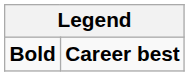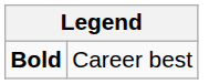 <table class="wikitable">
 <tr>
 <th colspan="2">Legend</th>
 </tr>
 <tr>
 <td><strong>Bold</strong></td>
-<td><strong>Career best</strong></td>
+<td>Career best</td>
 </tr>
 </table>
